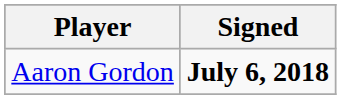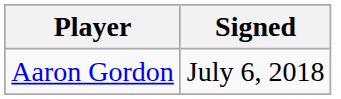 <table class="wikitable sortable sortable">
 <tr>
 <th>Player</th>
 <th>Signed</th>
 </tr>
 <tr style="text-align: center">
 <td><a href='#'>Aaron Gordon</a></td>
-<td><strong>July 6, 2018</strong></td>
+<td>July 6, 2018</td>
 </tr>
 </table>
